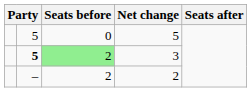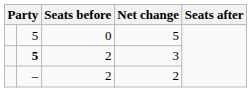 <table class=wikitable style="text-align:right">
 <tr>
 <th colspan="2">Party</th>
 <th>Seats before</th>
 <th>Net change</th>
 <th>Seats after</th>
 </tr>
 <tr>
 <td></td>
 <td>5</td>
 <td> 0</td>
 <td>5</td>
 </tr>
 <tr>
 <td></td>
 <td><strong>5</strong></td>
-<td style="background: lightgreen;"> 2</td>
+<td> 2</td>
 <td>3</td>
 </tr>
 <tr>
 <td></td>
 <td>–</td>
 <td> 2</td>
 <td>2</td>
 </tr>
 </table>
